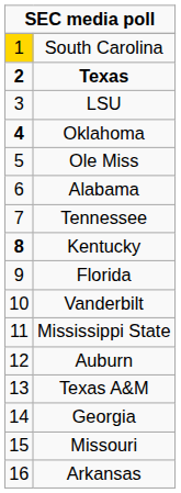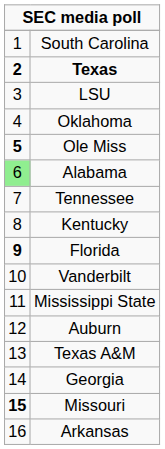 <table class="wikitable" style="display: inline-table;">
 <tr>
 <td align="center" Colspan="3"><strong>SEC media poll</strong></td>
 </tr>
 <tr align="center">
 </tr>
 <tr align="center">
-<td style="background: gold;">1</td>
+<td>1</td>
 <td>South Carolina</td>
 </tr>
 <tr align="center">
 <td><strong>2</strong></td>
 <td><strong>Texas</strong></td>
 </tr>
 <tr align="center">
 <td>3</td>
 <td>LSU</td>
 </tr>
 <tr align="center">
-<td><strong>4</strong></td>
+<td>4</td>
 <td>Oklahoma</td>
 </tr>
 <tr align="center">
-<td>5</td>
+<td><strong>5</strong></td>
 <td>Ole Miss</td>
 </tr>
 <tr align="center">
-<td>6</td>
+<td style="background: lightgreen;">6</td>
 <td>Alabama</td>
 </tr>
 <tr align="center">
 <td>7</td>
 <td>Tennessee</td>
 </tr>
 <tr align="center">
-<td><strong>8</strong></td>
+<td>8</td>
 <td>Kentucky</td>
 </tr>
 <tr align="center">
-<td>9</td>
+<td><strong>9</strong></td>
 <td>Florida</td>
 </tr>
 <tr align="center">
 <td>10</td>
 <td>Vanderbilt</td>
 </tr>
 <tr align="center">
 <td>11</td>
 <td>Mississippi State</td>
 </tr>
 <tr align="center">
 <td>12</td>
 <td>Auburn</td>
 </tr>
 <tr align="center">
 <td>13</td>
 <td>Texas A&M</td>
 </tr>
 <tr align="center">
 <td>14</td>
 <td>Georgia</td>
 </tr>
 <tr align="center">
-<td>15</td>
+<td><strong>15</strong></td>
 <td>Missouri</td>
 </tr>
 <tr align="center">
 <td>16</td>
 <td>Arkansas</td>
 </tr>
 </table>
